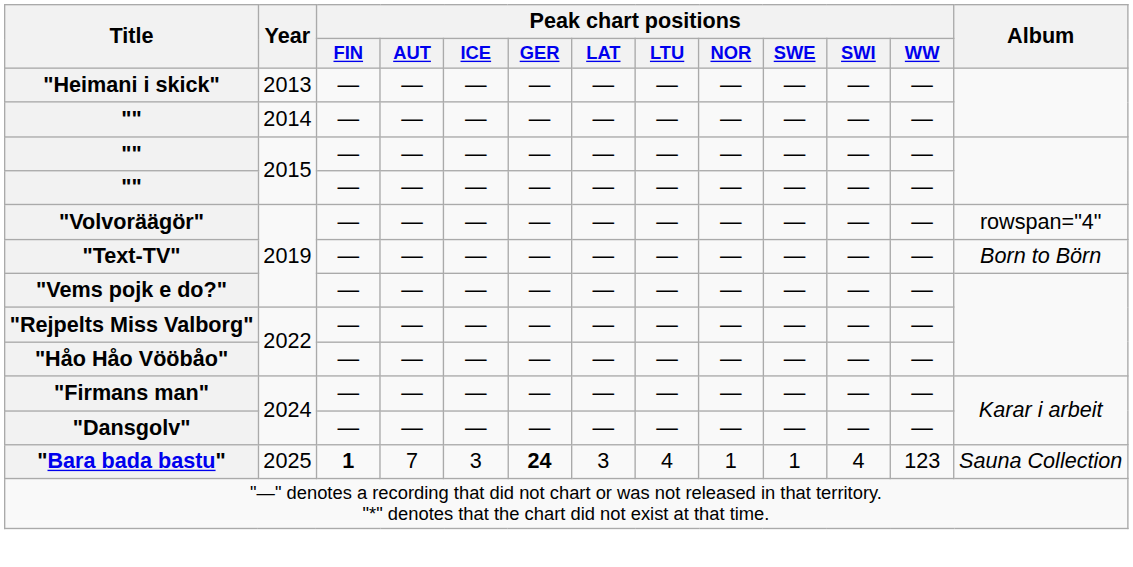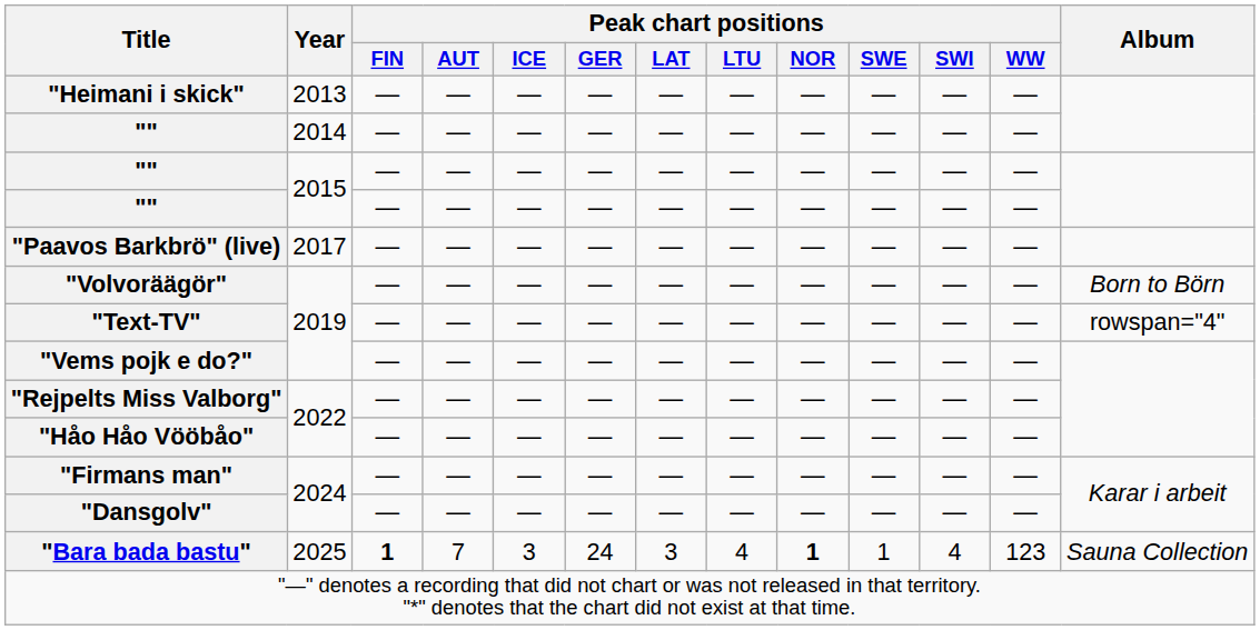 <table class="wikitable plainrowheaders" style="text-align:center">
 <tr>
 <th scope="col" rowspan="2">Title</th>
 <th scope="col" rowspan="2">Year</th>
 <th scope="col" colspan="10">Peak chart positions</th>
 <th scope="col" rowspan="2">Album</th>
 </tr>
 <tr>
 <th scope="col" style="width:3em;font-size:85%;"><a href='#'>FIN</a><br></th>
 <th scope="col" style="width:3em;font-size:85%;"><a href='#'>AUT</a><br></th>
 <th scope="col" style="width:3em;font-size:85%;"><a href='#'>ICE</a><br></th>
 <th scope="col" style="width:3em;font-size:85%;"><a href='#'>GER</a><br></th>
 <th scope="col" style="width:3em;font-size:85%;"><a href='#'>LAT</a><br></th>
 <th scope="col" style="width:3em;font-size:85%;"><a href='#'>LTU</a><br></th>
 <th scope="col" style="width:3em;font-size:85%;"><a href='#'>NOR</a><br></th>
 <th scope="col" style="width:3em;font-size:85%;"><a href='#'>SWE</a><br></th>
 <th scope="col" style="width:3em;font-size:85%;"><a href='#'>SWI</a><br></th>
 <th scope="col" style="width:3em;font-size:85%;"><a href='#'>WW</a><br></th>
 </tr>
 <tr>
 <th scope="row">"Heimani i skick"</th>
 <td>2013</td>
 <td>—</td>
 <td>—</td>
 <td>—</td>
 <td>—</td>
 <td>—</td>
 <td>—</td>
 <td>—</td>
 <td>—</td>
 <td>—</td>
 <td>—</td>
 <td rowspan="2"><em></em></td>
 </tr>
 <tr>
 <th scope="row">""</th>
 <td>2014</td>
 <td>—</td>
 <td>—</td>
 <td>—</td>
 <td>—</td>
 <td>—</td>
 <td>—</td>
 <td>—</td>
 <td>—</td>
 <td>—</td>
 <td>—</td>
 </tr>
 <tr>
 <th scope="row">""</th>
 <td rowspan=2>2015</td>
 <td>—</td>
 <td>—</td>
 <td>—</td>
 <td>—</td>
 <td>—</td>
 <td>—</td>
 <td>—</td>
 <td>—</td>
 <td>—</td>
 <td>—</td>
 <td rowspan="2"><em></em></td>
 </tr>
 <tr>
 <th scope="row">""</th>
 <td>—</td>
 <td>—</td>
 <td>—</td>
 <td>—</td>
 <td>—</td>
 <td>—</td>
 <td>—</td>
 <td>—</td>
 <td>—</td>
 <td>—</td>
 </tr>
 <tr>
+<th scope="row">"Paavos Barkbrö" (live)</th>
+<td>2017</td>
+<td>—</td>
+<td>—</td>
+<td>—</td>
+<td>—</td>
+<td>—</td>
+<td>—</td>
+<td>—</td>
+<td>—</td>
+<td>—</td>
+<td>—</td>
+<td></td>
+</tr>
+<tr>
 <th scope="row">"Volvoräägör"<br></th>
 <td rowspan="3">2019</td>
 <td>—</td>
 <td>—</td>
 <td>—</td>
 <td>—</td>
 <td>—</td>
 <td>—</td>
 <td>—</td>
 <td>—</td>
 <td>—</td>
 <td>—</td>
-<td>rowspan="4"</td>
+<td><em>Born to Börn</em></td>
 </tr>
 <tr>
 <th scope="row">"Text-TV"</th>
 <td>—</td>
 <td>—</td>
 <td>—</td>
 <td>—</td>
 <td>—</td>
 <td>—</td>
 <td>—</td>
 <td>—</td>
 <td>—</td>
 <td>—</td>
-<td><em>Born to Börn</em></td>
+<td>rowspan="4"</td>
 </tr>
 <tr>
 <th scope="row">"Vems pojk e do?"</th>
 <td>—</td>
 <td>—</td>
 <td>—</td>
 <td>—</td>
 <td>—</td>
 <td>—</td>
 <td>—</td>
 <td>—</td>
 <td>—</td>
 <td>—</td>
 </tr>
 <tr>
 <th scope="row">"Rejpelts Miss Valborg"<br></th>
 <td rowspan="2">2022</td>
 <td>—</td>
 <td>—</td>
 <td>—</td>
 <td>—</td>
 <td>—</td>
 <td>—</td>
 <td>—</td>
 <td>—</td>
 <td>—</td>
 <td>—</td>
 </tr>
 <tr>
 <th scope="row">"Håo Håo Vööbåo"<br></th>
 <td>—</td>
 <td>—</td>
 <td>—</td>
 <td>—</td>
 <td>—</td>
 <td>—</td>
 <td>—</td>
 <td>—</td>
 <td>—</td>
 <td>—</td>
 </tr>
 <tr>
 <th scope="row">"Firmans man"</th>
 <td rowspan="2">2024</td>
 <td>—</td>
 <td>—</td>
 <td>—</td>
 <td>—</td>
 <td>—</td>
 <td>—</td>
 <td>—</td>
 <td>—</td>
 <td>—</td>
 <td>—</td>
 <td rowspan="2"><em>Karar i arbeit</em></td>
 </tr>
 <tr>
 <th scope="row">"Dansgolv"</th>
 <td>—</td>
 <td>—</td>
 <td>—</td>
 <td>—</td>
 <td>—</td>
 <td>—</td>
 <td>—</td>
 <td>—</td>
 <td>—</td>
 <td>—</td>
 </tr>
 <tr>
 <th scope="row">"<a href='#'>Bara bada bastu</a>"</th>
 <td>2025</td>
 <td><strong>1</strong></td>
 <td>7</td>
 <td>3</td>
-<td><strong>24</strong></td>
+<td>24</td>
 <td>3</td>
 <td>4</td>
-<td>1</td>
+<td><strong>1</strong></td>
 <td>1</td>
 <td>4</td>
 <td>123</td>
 <td><em>Sauna Collection</em></td>
 </tr>
 <tr>
 <td colspan="13" style="font-size:85%">"—" denotes a recording that did not chart or was not released in that territory.<br>"*" denotes that the chart did not exist at that time.</td>
 </tr>
 </table>
